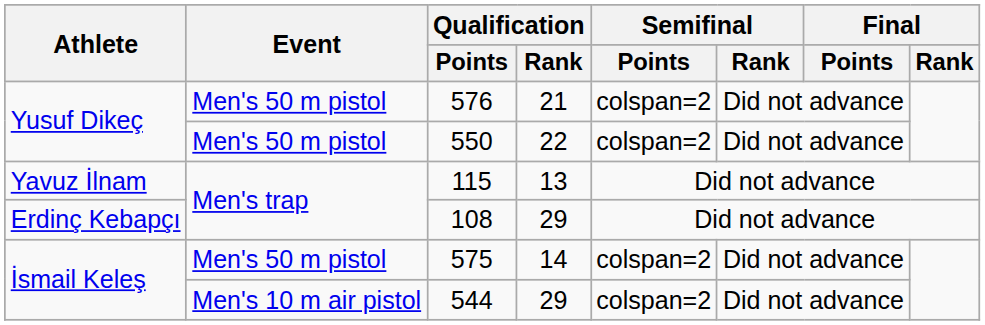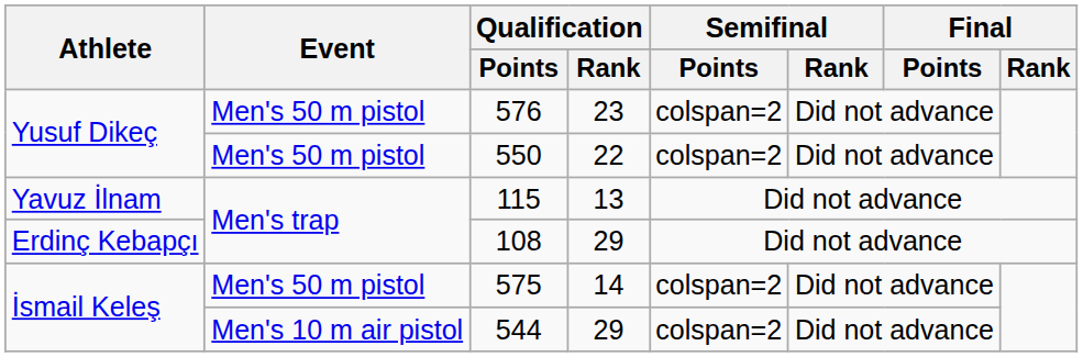 <table class="wikitable" style="font-size:90%">
 <tr>
 <th rowspan="2">Athlete</th>
 <th rowspan="2">Event</th>
 <th colspan=2>Qualification</th>
 <th colspan=2>Semifinal</th>
 <th colspan=2>Final</th>
 </tr>
 <tr style="font-size:95%">
 <th>Points</th>
 <th>Rank</th>
 <th>Points</th>
 <th>Rank</th>
 <th>Points</th>
 <th>Rank</th>
 </tr>
 <tr align=center>
 <td align=left rowspan=2><a href='#'>Yusuf Dikeç</a></td>
 <td align=left><a href='#'>Men's 50 m pistol</a></td>
 <td>576</td>
-<td>21</td>
+<td>23</td>
 <td>colspan=2 </td>
 <td colspan=2>Did not advance</td>
 </tr>
 <tr align=center>
 <td align=left><a href='#'>Men's 50 m pistol</a></td>
 <td>550</td>
 <td>22</td>
 <td>colspan=2 </td>
 <td colspan=2>Did not advance</td>
 </tr>
 <tr align=center>
 <td align=left><a href='#'>Yavuz İlnam</a></td>
 <td align=left rowspan=2><a href='#'>Men's trap</a></td>
 <td>115</td>
 <td>13</td>
 <td colspan=4>Did not advance</td>
 </tr>
 <tr align=center>
 <td align=left><a href='#'>Erdinç Kebapçı</a></td>
 <td>108</td>
 <td>29</td>
 <td colspan=4>Did not advance</td>
 </tr>
 <tr align=center>
 <td align=left rowspan=2><a href='#'>İsmail Keleş</a></td>
 <td align=left><a href='#'>Men's 50 m pistol</a></td>
 <td>575</td>
 <td>14</td>
 <td>colspan=2 </td>
 <td colspan=2>Did not advance</td>
 </tr>
 <tr align=center>
 <td align=left><a href='#'>Men's 10 m air pistol</a></td>
 <td>544</td>
 <td>29</td>
 <td>colspan=2 </td>
 <td colspan=2>Did not advance</td>
 </tr>
 </table>
